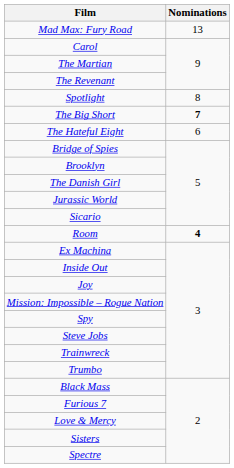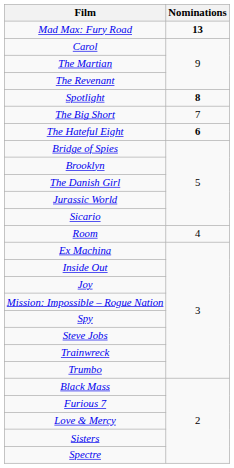 <table class="wikitable" rowspan="2" style="text-align:center;" background: #f6e39c;>
 <tr>
 <th scope="col" style="text-align:center;">Film</th>
 <th scope="col" style="width:55px;">Nominations</th>
 </tr>
 <tr>
 <td><em><a href='#'>Mad Max: Fury Road</a></em></td>
-<td>13</td>
+<td><strong>13</strong></td>
 </tr>
 <tr>
 <td><em><a href='#'>Carol</a></em></td>
 <td rowspan=3 style="text-align:center">9</td>
 </tr>
 <tr>
 <td><em><a href='#'>The Martian</a></em></td>
 </tr>
 <tr>
 <td><em><a href='#'>The Revenant</a></em></td>
 </tr>
 <tr>
 <td><em><a href='#'>Spotlight</a></em></td>
-<td>8</td>
+<td><strong>8</strong></td>
 </tr>
 <tr>
 <td><em><a href='#'>The Big Short</a></em></td>
-<td><strong>7</strong></td>
+<td>7</td>
 </tr>
 <tr>
 <td><em><a href='#'>The Hateful Eight</a></em></td>
-<td>6</td>
+<td><strong>6</strong></td>
 </tr>
 <tr>
 <td><em><a href='#'>Bridge of Spies</a></em></td>
 <td rowspan=5 style="text-align:center">5</td>
 </tr>
 <tr>
 <td><em><a href='#'>Brooklyn</a></em></td>
 </tr>
 <tr>
 <td><em><a href='#'>The Danish Girl</a></em></td>
 </tr>
 <tr>
 <td><em><a href='#'>Jurassic World</a></em></td>
 </tr>
 <tr>
 <td><em><a href='#'>Sicario</a></em></td>
 </tr>
 <tr>
 <td><em><a href='#'>Room</a></em></td>
-<td><strong>4</strong></td>
+<td>4</td>
 </tr>
 <tr>
 <td><em><a href='#'>Ex Machina</a></em></td>
 <td rowspan=8 style="text-align:center">3</td>
 </tr>
 <tr>
 <td><em><a href='#'>Inside Out</a></em></td>
 </tr>
 <tr>
 <td><em><a href='#'>Joy</a></em></td>
 </tr>
 <tr>
 <td><em><a href='#'>Mission: Impossible – Rogue Nation</a></em></td>
 </tr>
 <tr>
 <td><em><a href='#'>Spy</a></em></td>
 </tr>
 <tr>
 <td><em><a href='#'>Steve Jobs</a></em></td>
 </tr>
 <tr>
 <td><em><a href='#'>Trainwreck</a></em></td>
 </tr>
 <tr>
 <td><em><a href='#'>Trumbo</a></em></td>
 </tr>
 <tr>
 <td><em><a href='#'>Black Mass</a></em></td>
 <td rowspan=5 style="text-align:center">2</td>
 </tr>
 <tr>
 <td><em><a href='#'>Furious 7</a></em></td>
 </tr>
 <tr>
 <td><em><a href='#'>Love & Mercy</a></em></td>
 </tr>
 <tr>
 <td><em><a href='#'>Sisters</a></em></td>
 </tr>
 <tr>
 <td><em><a href='#'>Spectre</a></em></td>
 </tr>
 </table>
